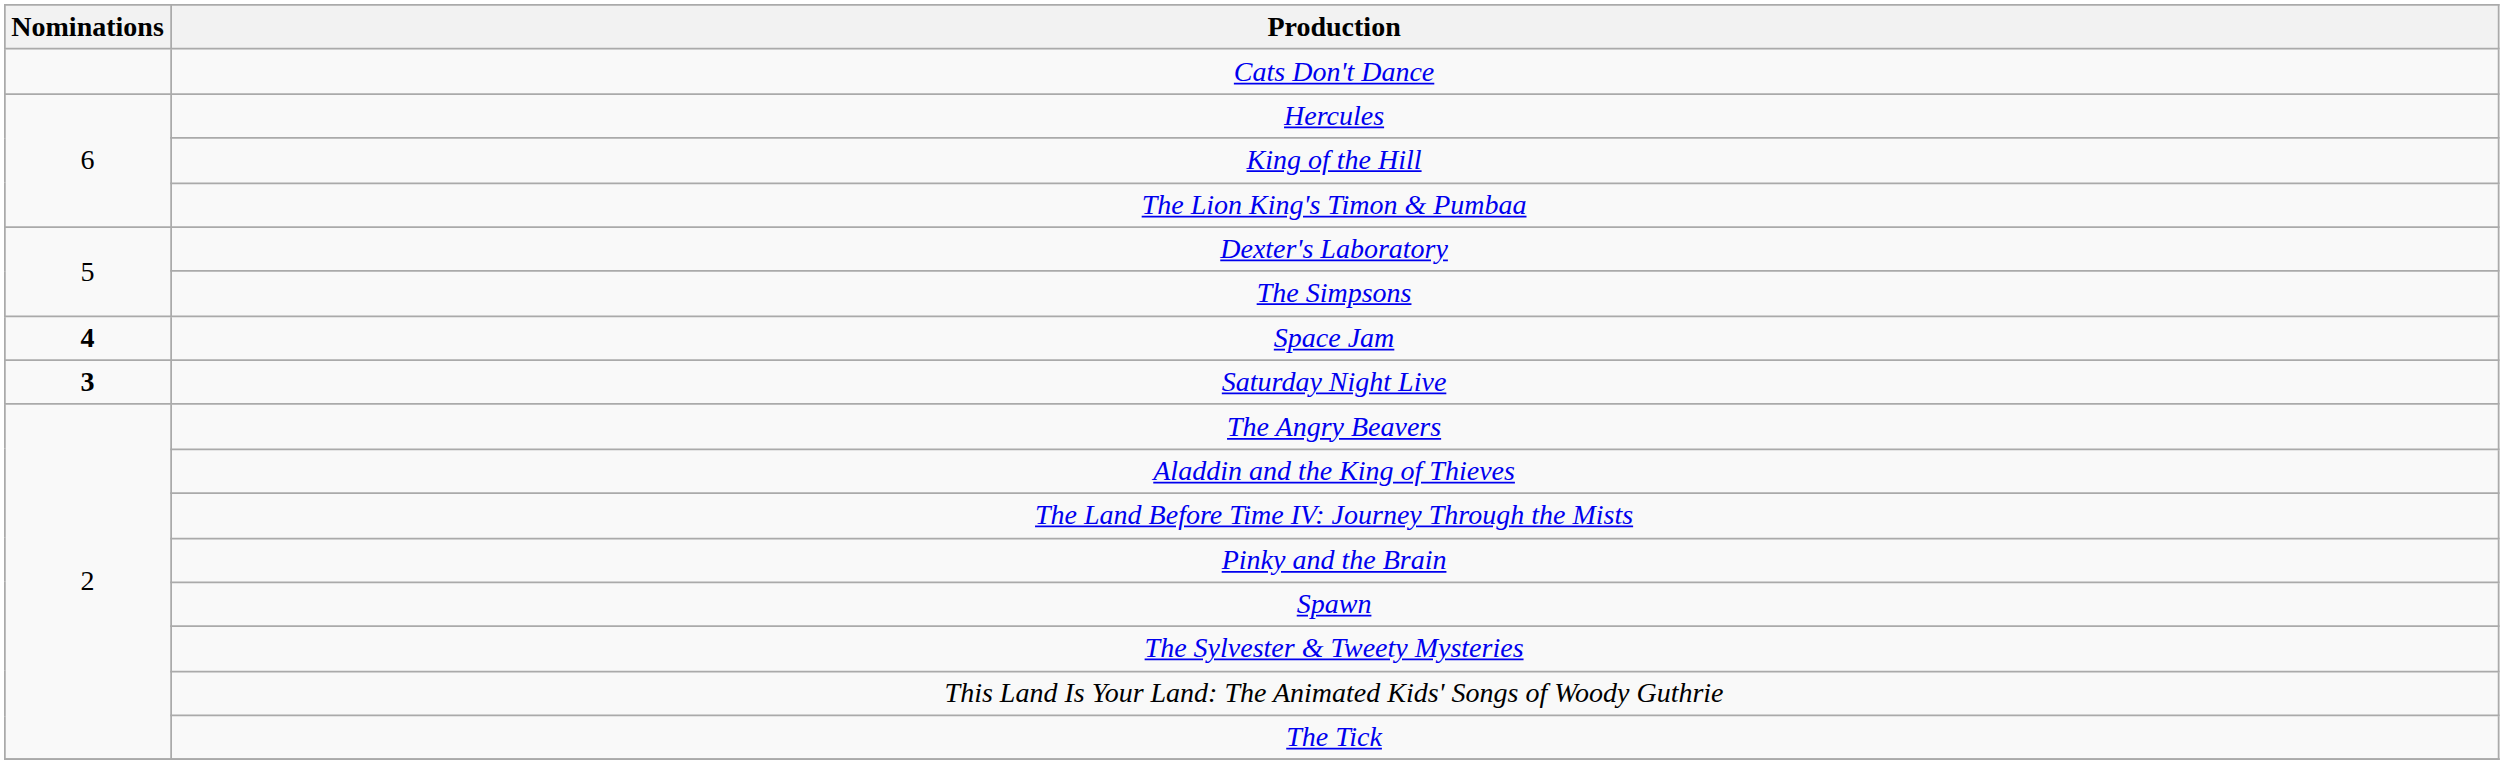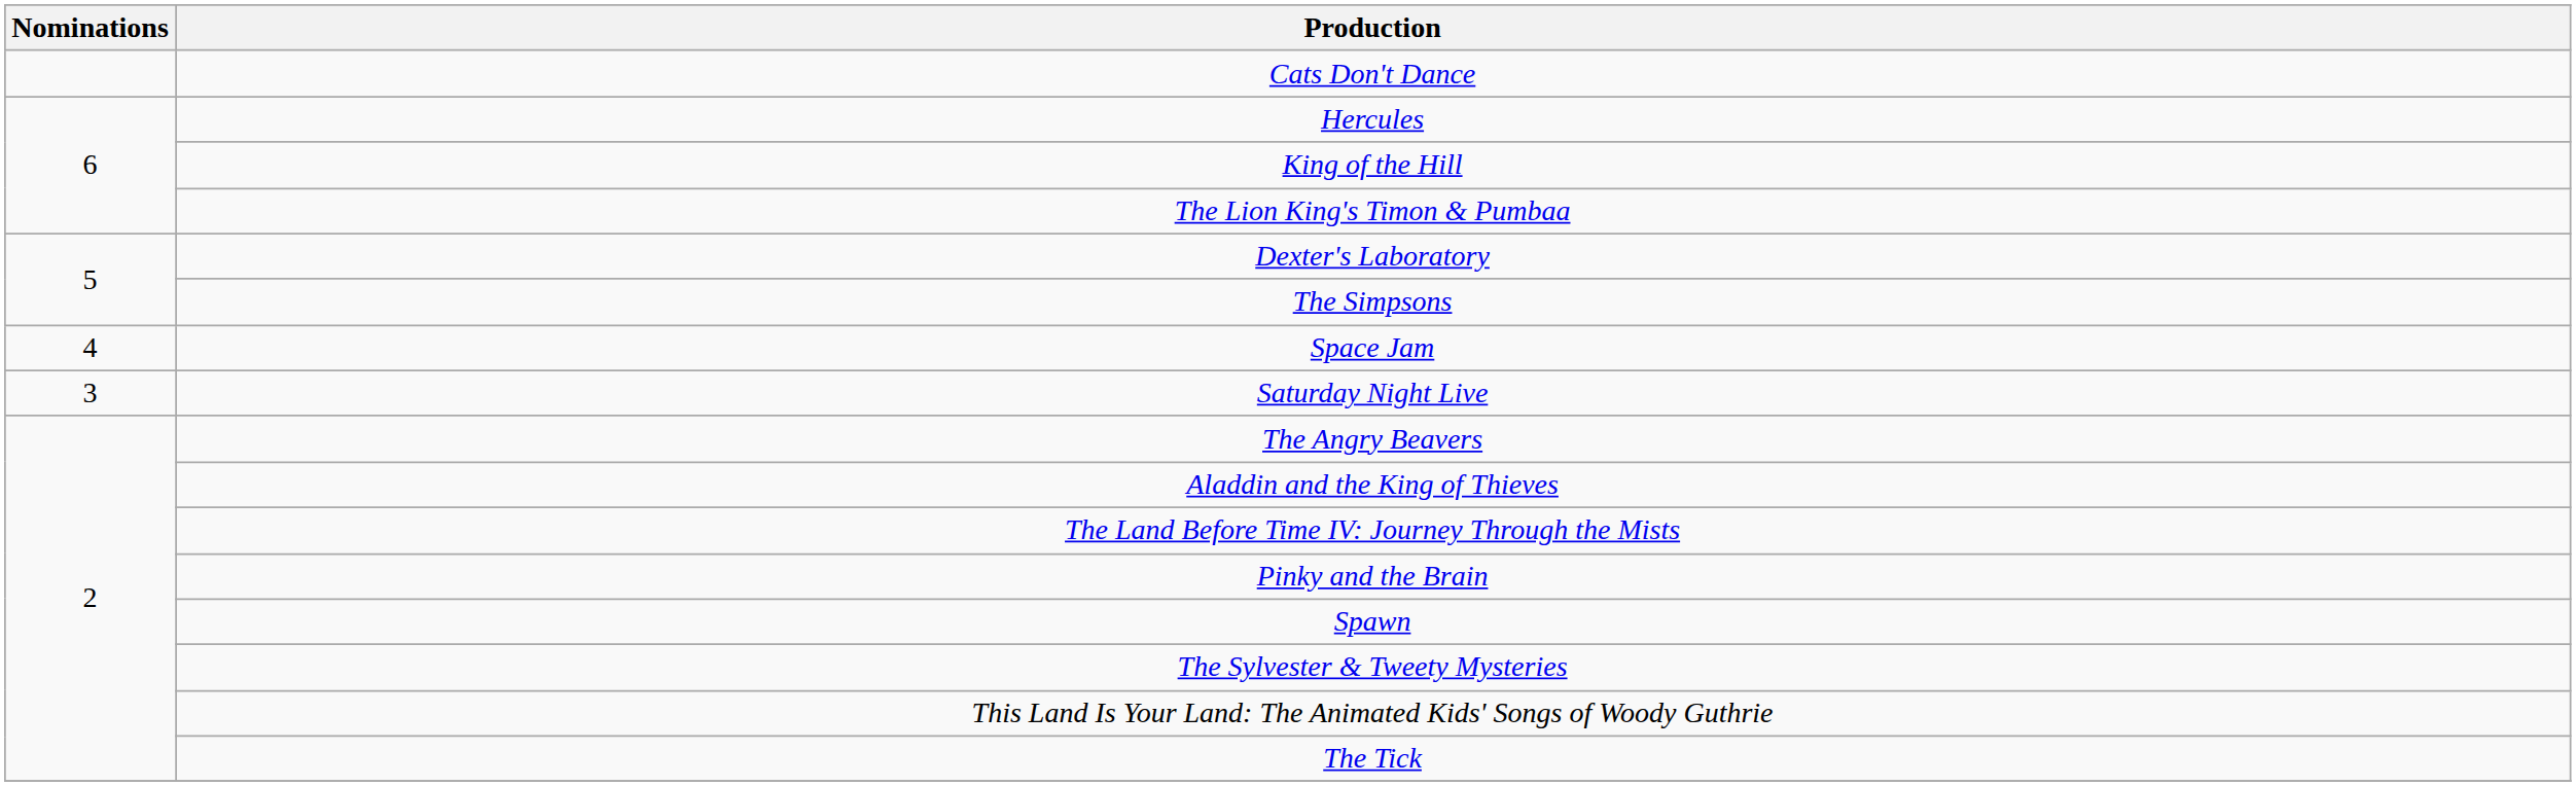 <table class="wikitable" rowspan="2" style="text-align:center;" background: #f6e39c; width=90%>
 <tr>
 <th scope="col" style="width:55px;">Nominations</th>
 <th scope="col" style="text-align:center;">Production</th>
 </tr>
 <tr>
 <td></td>
 <td><em><a href='#'>Cats Don't Dance</a></em></td>
 </tr>
 <tr>
 <td rowspan=3 style="text-align:center">6</td>
 <td><em><a href='#'>Hercules</a></em></td>
 </tr>
 <tr>
 <td><em><a href='#'>King of the Hill</a></em></td>
 </tr>
 <tr>
 <td><em><a href='#'>The Lion King's Timon & Pumbaa</a></em></td>
 </tr>
 <tr>
 <td rowspan=2 style="text-align:center">5</td>
 <td><em><a href='#'>Dexter's Laboratory</a></em></td>
 </tr>
 <tr>
 <td><em><a href='#'>The Simpsons</a></em></td>
 </tr>
 <tr>
-<td style="text-align:center"><strong>4</strong></td>
+<td style="text-align:center">4</td>
 <td><em><a href='#'>Space Jam</a></em></td>
 </tr>
 <tr>
-<td style="text-align:center"><strong>3</strong></td>
+<td style="text-align:center">3</td>
 <td><em><a href='#'>Saturday Night Live</a></em></td>
 </tr>
 <tr>
 <td rowspan=8 style="text-align:center">2</td>
 <td><em><a href='#'>The Angry Beavers</a></em></td>
 </tr>
 <tr>
 <td><em><a href='#'>Aladdin and the King of Thieves</a></em></td>
 </tr>
 <tr>
 <td><em><a href='#'>The Land Before Time IV: Journey Through the Mists</a></em></td>
 </tr>
 <tr>
 <td><em><a href='#'>Pinky and the Brain</a></em></td>
 </tr>
 <tr>
 <td><em><a href='#'>Spawn</a></em></td>
 </tr>
 <tr>
 <td><em><a href='#'>The Sylvester & Tweety Mysteries</a></em></td>
 </tr>
 <tr>
 <td><em>This Land Is Your Land: The Animated Kids' Songs of Woody Guthrie</em></td>
 </tr>
 <tr>
 <td><em><a href='#'>The Tick</a></em></td>
 </tr>
 <tr>
 </tr>
 </table>
